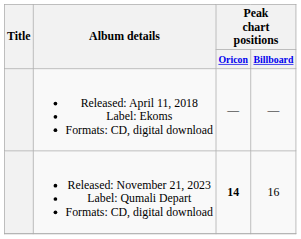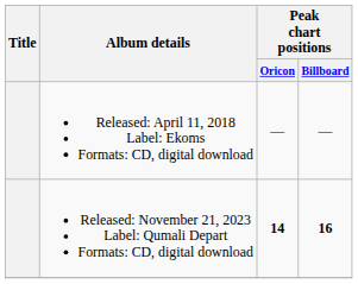 <table class="wikitable plainrowheaders" style="text-align:center;">
 <tr>
 <th scope="col" rowspan="2">Title</th>
 <th scope="col" rowspan="2">Album details</th>
 <th scope="col" colspan="2">Peak<br> chart<br> positions</th>
 </tr>
 <tr>
 <th scope="col" colspan="1"><small><a href='#'>Oricon</a></small><br></th>
 <th scope="col" colspan="1"><small><a href='#'>Billboard</a></small><br></th>
 </tr>
 <tr>
 <th scope="row"></th>
 <td><br><ul><li>Released: April 11, 2018</li><li>Label: Ekoms</li><li>Formats: CD, digital download</li></ul></td>
 <td>—</td>
 <td>—</td>
 </tr>
 <tr>
 <th scope="row"></th>
 <td><br><ul><li>Released: November 21, 2023</li><li>Label: Qumali Depart</li><li>Formats: CD, digital download</li></ul></td>
 <td><strong>14</strong></td>
-<td>16</td>
+<td><strong>16</strong></td>
 </tr>
 <tr>
 </tr>
 </table>
